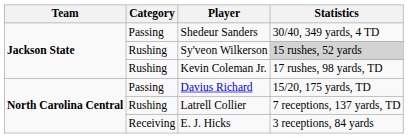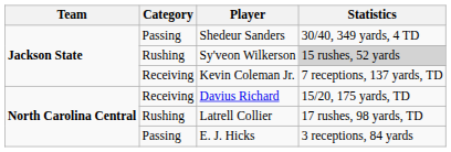 <table class="wikitable" style="float: left;">
 <tr>
 <th>Team</th>
 <th>Category</th>
 <th>Player</th>
 <th>Statistics</th>
 </tr>
 <tr>
 <td rowspan=3><strong>Jackson State</strong></td>
 <td>Passing</td>
 <td>Shedeur Sanders</td>
 <td>30/40, 349 yards, 4 TD</td>
 </tr>
 <tr>
 <td>Rushing</td>
 <td>Sy'veon Wilkerson</td>
 <td style="background: lightgrey;">15 rushes, 52 yards</td>
 </tr>
 <tr>
-<td>Rushing</td>
+<td>Receiving</td>
 <td>Kevin Coleman Jr.</td>
-<td>17 rushes, 98 yards, TD</td>
+<td>7 receptions, 137 yards, TD</td>
 </tr>
 <tr>
 <td rowspan=3><strong>North Carolina Central</strong></td>
-<td>Passing</td>
+<td>Receiving</td>
 <td><a href='#'>Davius Richard</a></td>
 <td>15/20, 175 yards, TD</td>
 </tr>
 <tr>
 <td>Rushing</td>
 <td>Latrell Collier</td>
-<td>7 receptions, 137 yards, TD</td>
+<td>17 rushes, 98 yards, TD</td>
 </tr>
 <tr>
-<td>Receiving</td>
+<td>Passing</td>
 <td>E. J. Hicks</td>
 <td>3 receptions, 84 yards</td>
 </tr>
 </table>
